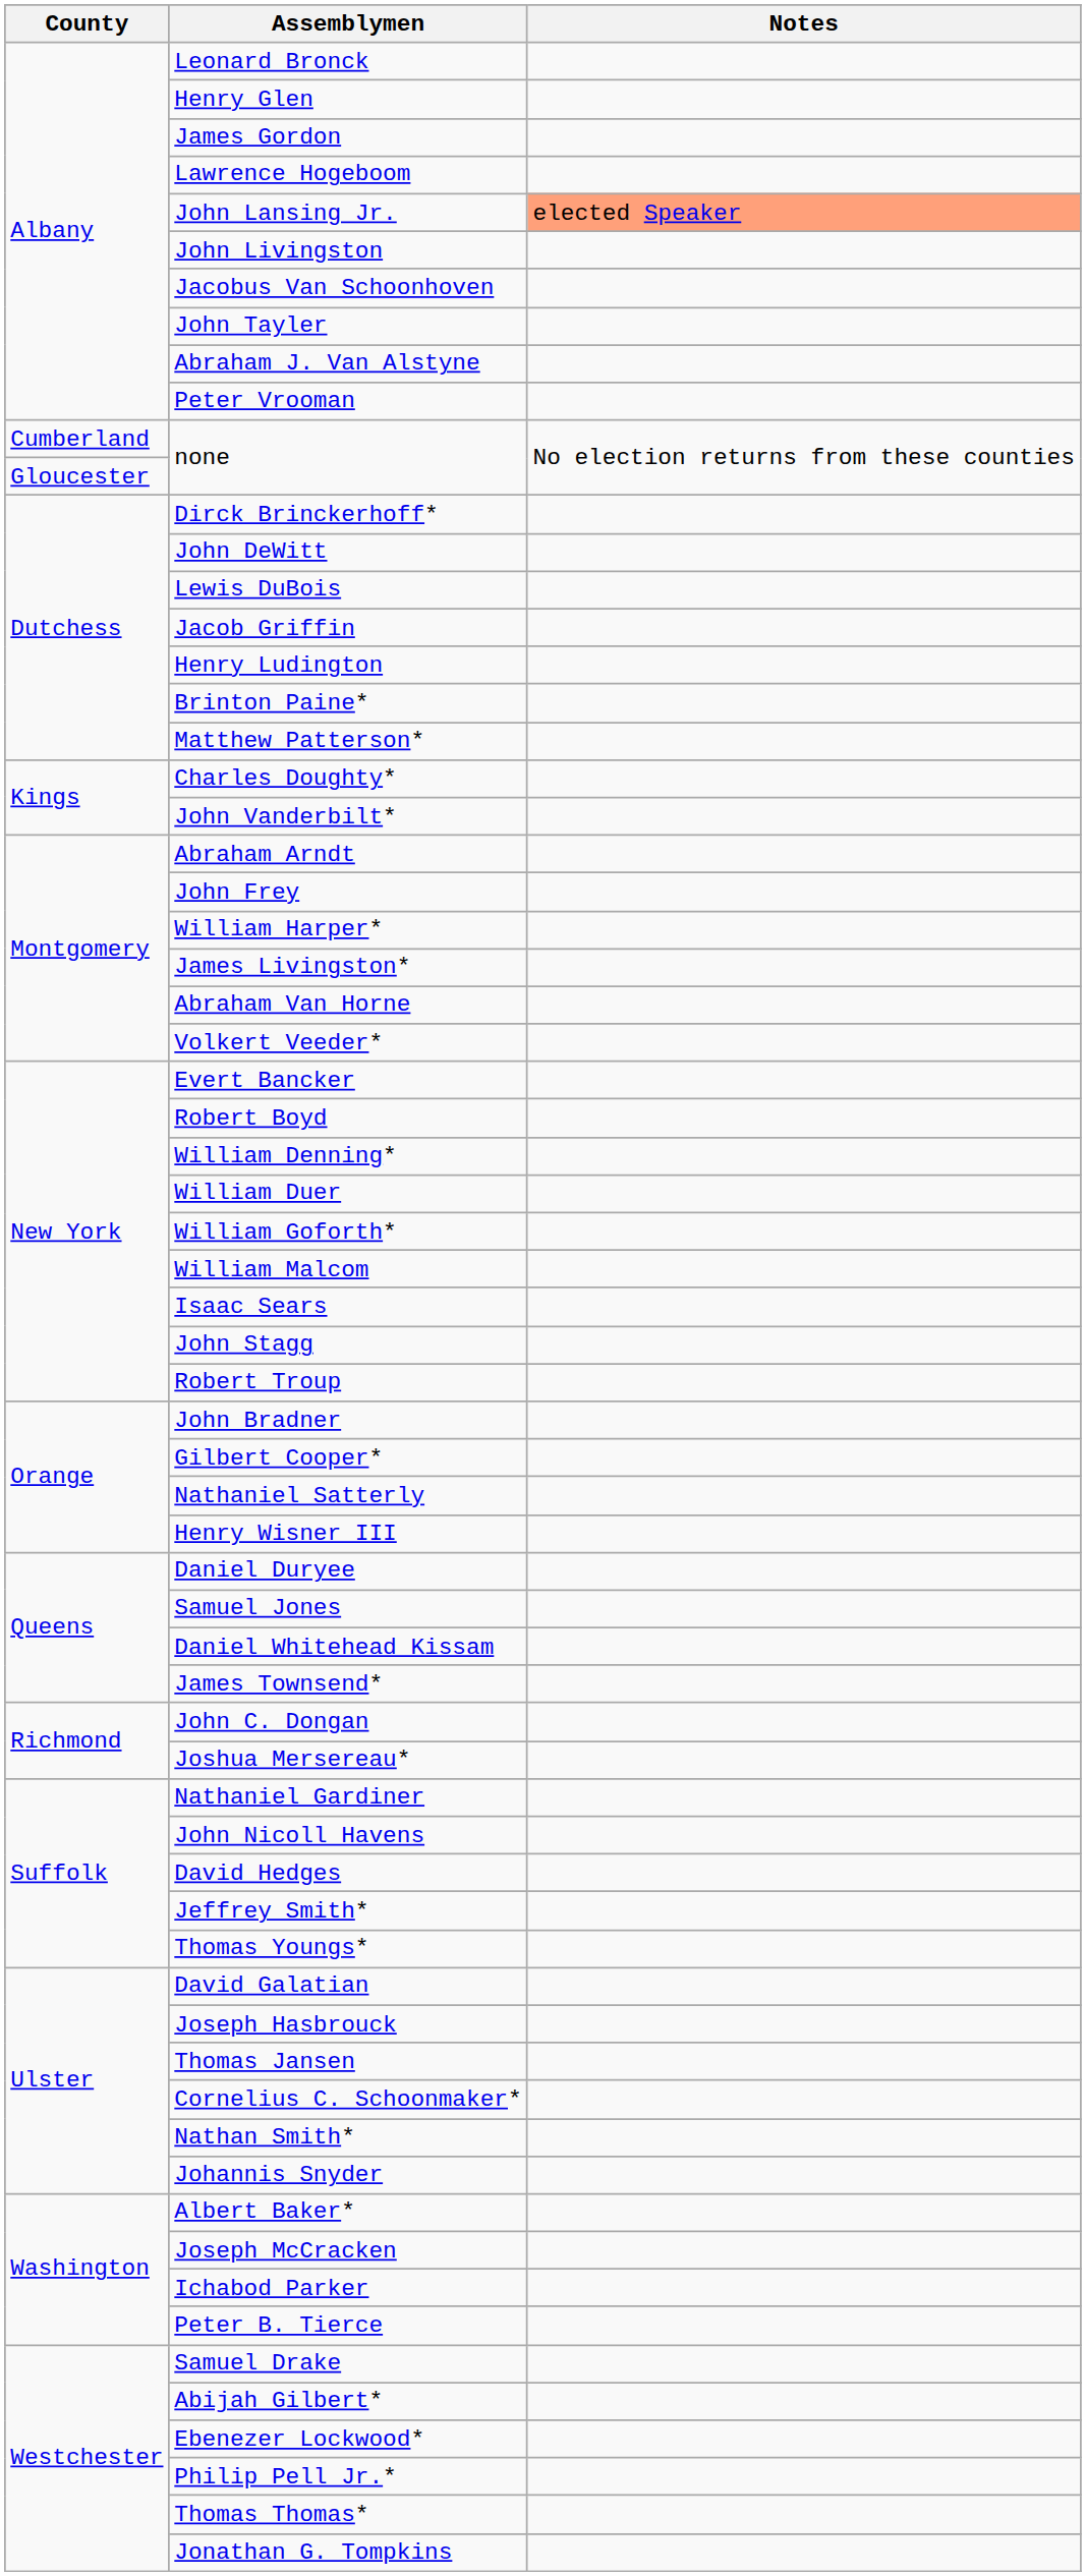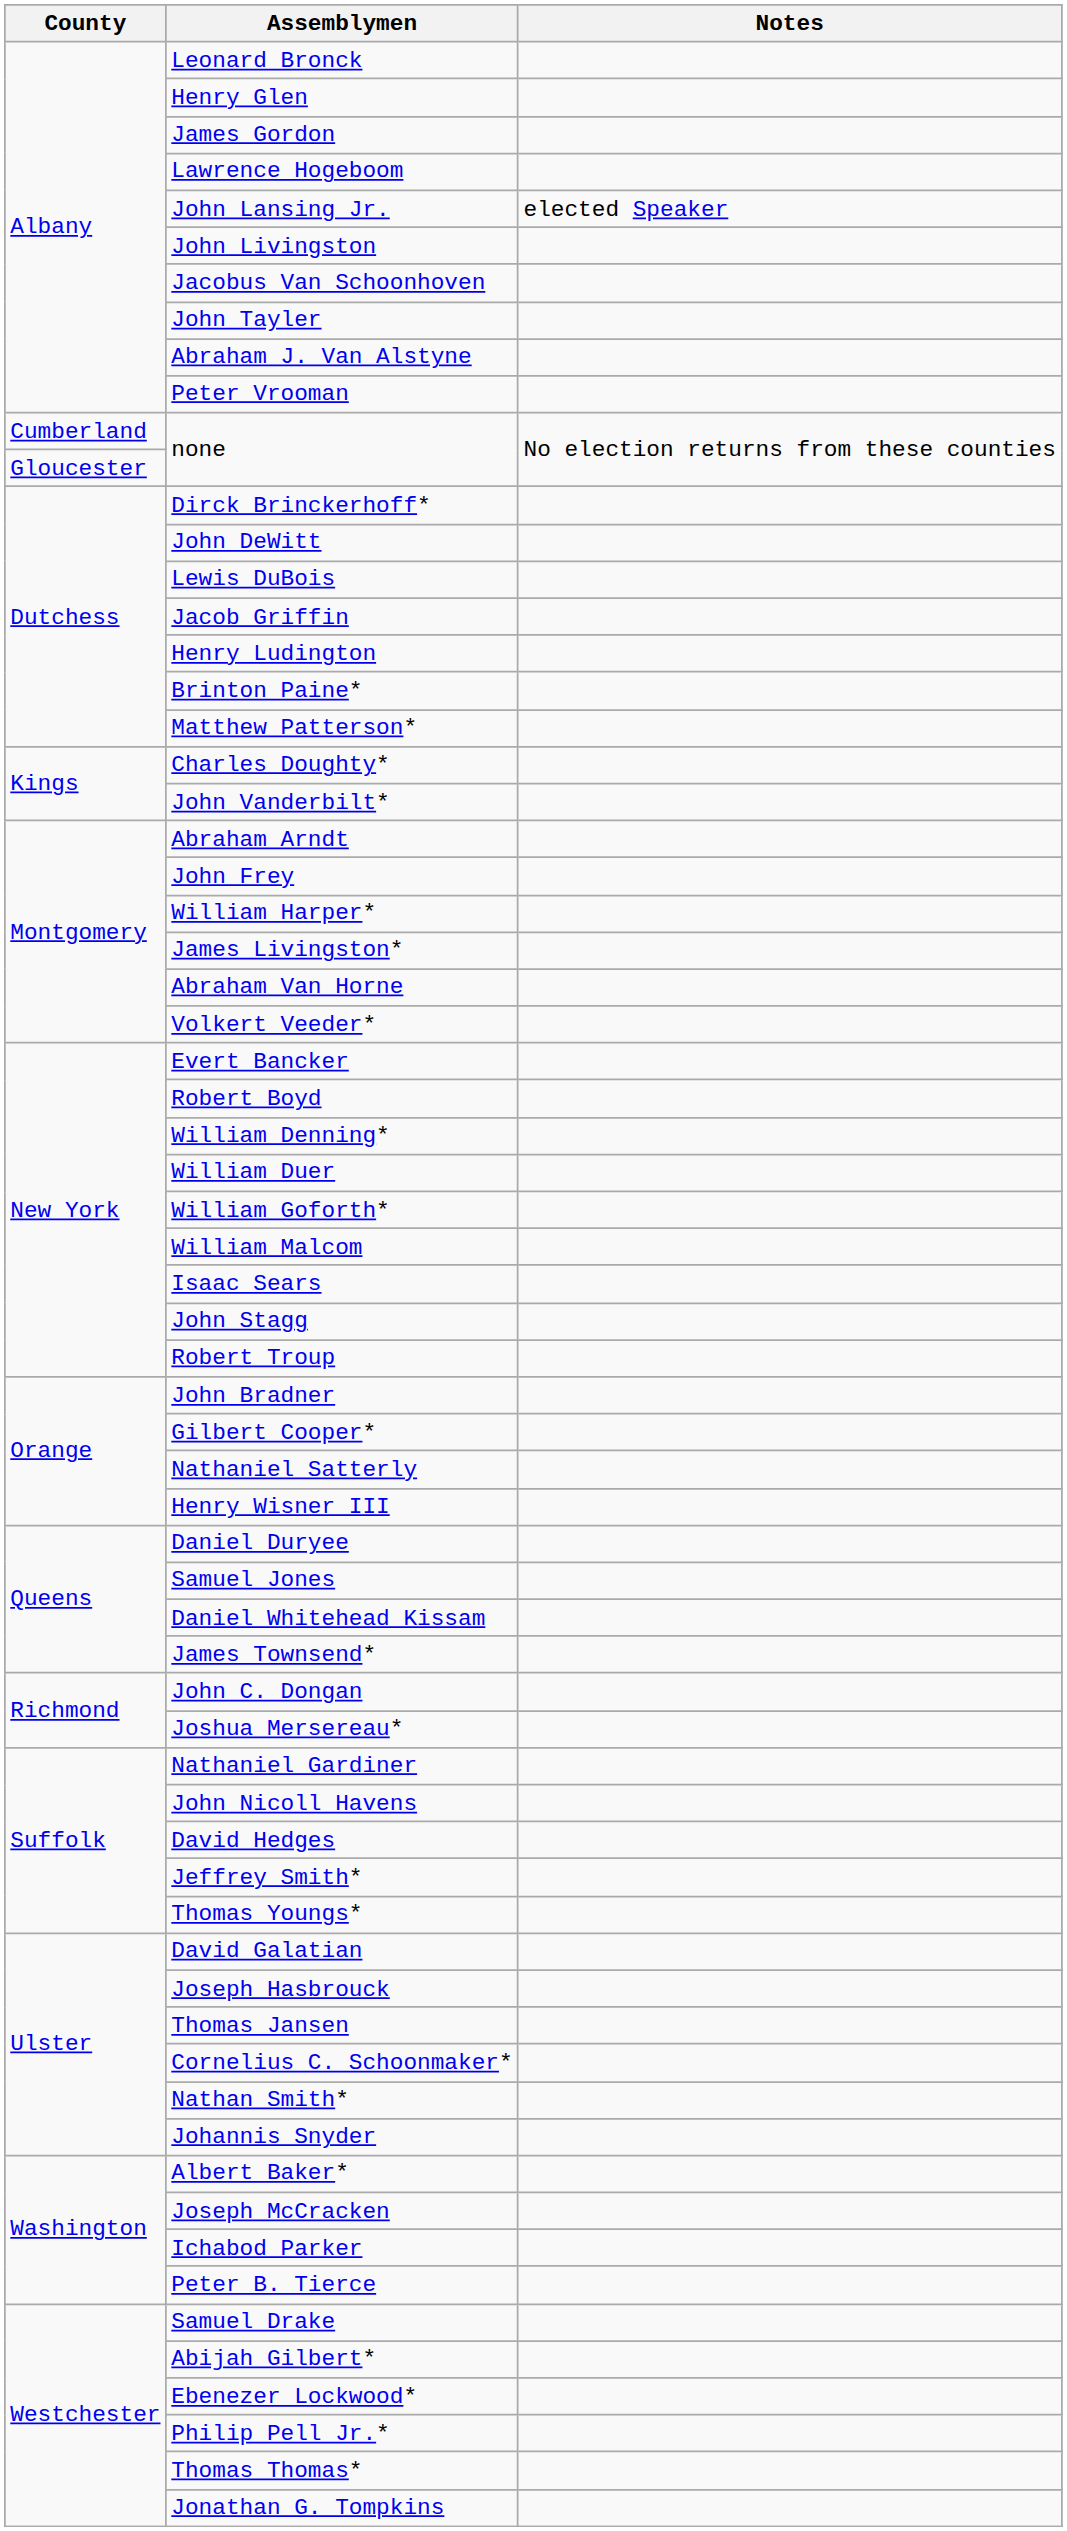 <table class=wikitable>
 <tr>
 <th>County</th>
 <th>Assemblymen</th>
 <th>Notes</th>
 </tr>
 <tr>
 <td rowspan="10"><a href='#'>Albany</a></td>
 <td><a href='#'>Leonard Bronck</a></td>
 <td></td>
 </tr>
 <tr>
 <td><a href='#'>Henry Glen</a></td>
 <td></td>
 </tr>
 <tr>
 <td><a href='#'>James Gordon</a></td>
 <td></td>
 </tr>
 <tr>
 <td><a href='#'>Lawrence Hogeboom</a></td>
 <td></td>
 </tr>
 <tr>
 <td><a href='#'>John Lansing Jr.</a></td>
-<td style="background: lightsalmon;">elected <a href='#'>Speaker</a></td>
+<td>elected <a href='#'>Speaker</a></td>
 </tr>
 <tr>
 <td><a href='#'>John Livingston</a></td>
 <td></td>
 </tr>
 <tr>
 <td><a href='#'>Jacobus Van Schoonhoven</a></td>
 <td></td>
 </tr>
 <tr>
 <td><a href='#'>John Tayler</a></td>
 <td></td>
 </tr>
 <tr>
 <td><a href='#'>Abraham J. Van Alstyne</a></td>
 <td></td>
 </tr>
 <tr>
 <td><a href='#'>Peter Vrooman</a></td>
 <td></td>
 </tr>
 <tr>
 <td><a href='#'>Cumberland</a></td>
 <td rowspan="2">none</td>
 <td rowspan="2">No election returns from these counties</td>
 </tr>
 <tr>
 <td><a href='#'>Gloucester</a></td>
 </tr>
 <tr>
 <td rowspan="7"><a href='#'>Dutchess</a></td>
 <td><a href='#'>Dirck Brinckerhoff</a>*</td>
 <td></td>
 </tr>
 <tr>
 <td><a href='#'>John DeWitt</a></td>
 <td></td>
 </tr>
 <tr>
 <td><a href='#'>Lewis DuBois</a></td>
 <td></td>
 </tr>
 <tr>
 <td><a href='#'>Jacob Griffin</a></td>
 <td></td>
 </tr>
 <tr>
 <td><a href='#'>Henry Ludington</a></td>
 <td></td>
 </tr>
 <tr>
 <td><a href='#'>Brinton Paine</a>*</td>
 <td></td>
 </tr>
 <tr>
 <td><a href='#'>Matthew Patterson</a>*</td>
 <td></td>
 </tr>
 <tr>
 <td rowspan="2"><a href='#'>Kings</a></td>
 <td><a href='#'>Charles Doughty</a>*</td>
 <td></td>
 </tr>
 <tr>
 <td><a href='#'>John Vanderbilt</a>*</td>
 <td></td>
 </tr>
 <tr>
 <td rowspan="6"><a href='#'>Montgomery</a></td>
 <td><a href='#'>Abraham Arndt</a></td>
 <td></td>
 </tr>
 <tr>
 <td><a href='#'>John Frey</a></td>
 <td></td>
 </tr>
 <tr>
 <td><a href='#'>William Harper</a>*</td>
 <td></td>
 </tr>
 <tr>
 <td><a href='#'>James Livingston</a>*</td>
 <td></td>
 </tr>
 <tr>
 <td><a href='#'>Abraham Van Horne</a></td>
 <td></td>
 </tr>
 <tr>
 <td><a href='#'>Volkert Veeder</a>*</td>
 <td></td>
 </tr>
 <tr>
 <td rowspan="9"><a href='#'>New York</a></td>
 <td><a href='#'>Evert Bancker</a></td>
 <td></td>
 </tr>
 <tr>
 <td><a href='#'>Robert Boyd</a></td>
 <td></td>
 </tr>
 <tr>
 <td><a href='#'>William Denning</a>*</td>
 <td></td>
 </tr>
 <tr>
 <td><a href='#'>William Duer</a></td>
 <td></td>
 </tr>
 <tr>
 <td><a href='#'>William Goforth</a>*</td>
 <td></td>
 </tr>
 <tr>
 <td><a href='#'>William Malcom</a></td>
 <td></td>
 </tr>
 <tr>
 <td><a href='#'>Isaac Sears</a></td>
 <td></td>
 </tr>
 <tr>
 <td><a href='#'>John Stagg</a></td>
 <td></td>
 </tr>
 <tr>
 <td><a href='#'>Robert Troup</a></td>
 <td></td>
 </tr>
 <tr>
 <td rowspan="4"><a href='#'>Orange</a></td>
 <td><a href='#'>John Bradner</a></td>
 <td></td>
 </tr>
 <tr>
 <td><a href='#'>Gilbert Cooper</a>*</td>
 <td></td>
 </tr>
 <tr>
 <td><a href='#'>Nathaniel Satterly</a></td>
 <td></td>
 </tr>
 <tr>
 <td><a href='#'>Henry Wisner III</a></td>
 <td></td>
 </tr>
 <tr>
 <td rowspan="4"><a href='#'>Queens</a></td>
 <td><a href='#'>Daniel Duryee</a></td>
 <td></td>
 </tr>
 <tr>
 <td><a href='#'>Samuel Jones</a></td>
 <td></td>
 </tr>
 <tr>
 <td><a href='#'>Daniel Whitehead Kissam</a></td>
 <td></td>
 </tr>
 <tr>
 <td><a href='#'>James Townsend</a>*</td>
 <td></td>
 </tr>
 <tr>
 <td rowspan="2"><a href='#'>Richmond</a></td>
 <td><a href='#'>John C. Dongan</a></td>
 <td></td>
 </tr>
 <tr>
 <td><a href='#'>Joshua Mersereau</a>*</td>
 <td></td>
 </tr>
 <tr>
 <td rowspan="5"><a href='#'>Suffolk</a></td>
 <td><a href='#'>Nathaniel Gardiner</a></td>
 <td></td>
 </tr>
 <tr>
 <td><a href='#'>John Nicoll Havens</a></td>
 <td></td>
 </tr>
 <tr>
 <td><a href='#'>David Hedges</a></td>
 <td></td>
 </tr>
 <tr>
 <td><a href='#'>Jeffrey Smith</a>*</td>
 <td></td>
 </tr>
 <tr>
 <td><a href='#'>Thomas Youngs</a>*</td>
 <td></td>
 </tr>
 <tr>
 <td rowspan="6"><a href='#'>Ulster</a></td>
 <td><a href='#'>David Galatian</a></td>
 <td></td>
 </tr>
 <tr>
 <td><a href='#'>Joseph Hasbrouck</a></td>
 <td></td>
 </tr>
 <tr>
 <td><a href='#'>Thomas Jansen</a></td>
 <td></td>
 </tr>
 <tr>
 <td><a href='#'>Cornelius C. Schoonmaker</a>*</td>
 <td></td>
 </tr>
 <tr>
 <td><a href='#'>Nathan Smith</a>*</td>
 <td></td>
 </tr>
 <tr>
 <td><a href='#'>Johannis Snyder</a></td>
 <td></td>
 </tr>
 <tr>
 <td rowspan="4"><a href='#'>Washington</a></td>
 <td><a href='#'>Albert Baker</a>*</td>
 <td></td>
 </tr>
 <tr>
 <td><a href='#'>Joseph McCracken</a></td>
 <td></td>
 </tr>
 <tr>
 <td><a href='#'>Ichabod Parker</a></td>
 <td></td>
 </tr>
 <tr>
 <td><a href='#'>Peter B. Tierce</a></td>
 <td></td>
 </tr>
 <tr>
 <td rowspan="6"><a href='#'>Westchester</a></td>
 <td><a href='#'>Samuel Drake</a></td>
 <td></td>
 </tr>
 <tr>
 <td><a href='#'>Abijah Gilbert</a>*</td>
 <td></td>
 </tr>
 <tr>
 <td><a href='#'>Ebenezer Lockwood</a>*</td>
 <td></td>
 </tr>
 <tr>
 <td><a href='#'>Philip Pell Jr.</a>*</td>
 <td></td>
 </tr>
 <tr>
 <td><a href='#'>Thomas Thomas</a>*</td>
 <td></td>
 </tr>
 <tr>
 <td><a href='#'>Jonathan G. Tompkins</a></td>
 <td></td>
 </tr>
 <tr>
 </tr>
 </table>
